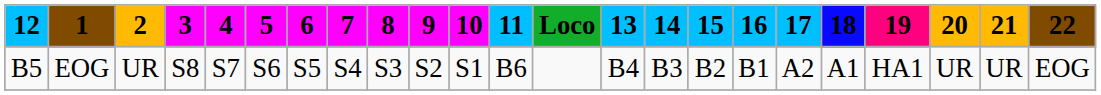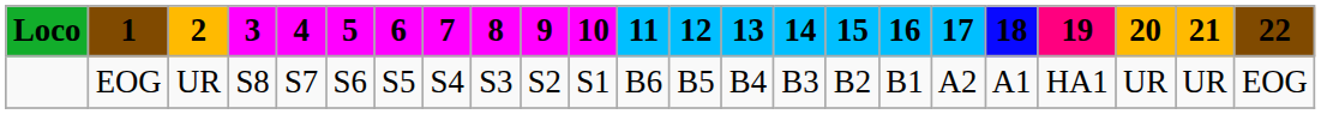 <table class="wikitable plainrowheaders unsortable" style="text-align:center">
 <tr>
-<th scope="col" rowspan="1" style="background:#00bfff;">12</th>
+<th scope="col" rowspan="1" style="background:#12ad2b;"><span>Loco</span></th>
 <th scope="col" rowspan="1" style="background:#804a00;"><span>1</span></th>
 <th scope="col" rowspan="1" style="background:#ffba01;">2</th>
 <th scope="col" rowspan="1" style="background:#ff00ff;">3</th>
 <th scope="col" rowspan="1" style="background:#ff00ff;">4</th>
 <th scope="col" rowspan="1" style="background:#ff00ff;">5</th>
 <th scope="col" rowspan="1" style="background:#ff00ff;">6</th>
 <th scope="col" rowspan="1" style="background:#ff00ff;">7</th>
 <th scope="col" rowspan="1" style="background:#ff00ff;">8</th>
 <th scope="col" rowspan="1" style="background:#ff00ff;">9</th>
 <th scope="col" rowspan="1" style="background:#ff00ff;">10</th>
 <th scope="col" rowspan="1" style="background:#00bfff;">11</th>
-<th scope="col" rowspan="1" style="background:#12ad2b;"><span>Loco</span></th>
+<th scope="col" rowspan="1" style="background:#00bfff;">12</th>
 <th scope="col" rowspan="1" style="background:#00bfff;">13</th>
 <th scope="col" rowspan="1" style="background:#00bfff;">14</th>
 <th scope="col" rowspan="1" style="background:#00bfff;">15</th>
 <th scope="col" rowspan="1" style="background:#00bfff;">16</th>
 <th scope="col" rowspan="1" style="background:#00bfff;">17</th>
 <th scope="col" rowspan="1" style="background:#0909ff;"><span>18</span></th>
 <th scope="col" rowspan="1" style="background:#ff007f;"><span>19</span></th>
 <th scope="col" rowspan="1" style="background:#ffba01;">20</th>
 <th scope="col" rowspan="1" style="background:#ffba01;">21</th>
 <th scope="col" rowspan="1" style="background:#804a00;"><span>22</span></th>
 </tr>
 <tr>
-<td>B5</td>
+<td></td>
 <td>EOG</td>
 <td>UR</td>
 <td>S8</td>
 <td>S7</td>
 <td>S6</td>
 <td>S5</td>
 <td>S4</td>
 <td>S3</td>
 <td>S2</td>
 <td>S1</td>
 <td>B6</td>
-<td></td>
+<td>B5</td>
 <td>B4</td>
 <td>B3</td>
 <td>B2</td>
 <td>B1</td>
 <td>A2</td>
 <td>A1</td>
 <td>HA1</td>
 <td>UR</td>
 <td>UR</td>
 <td>EOG</td>
 </tr>
 </table>
